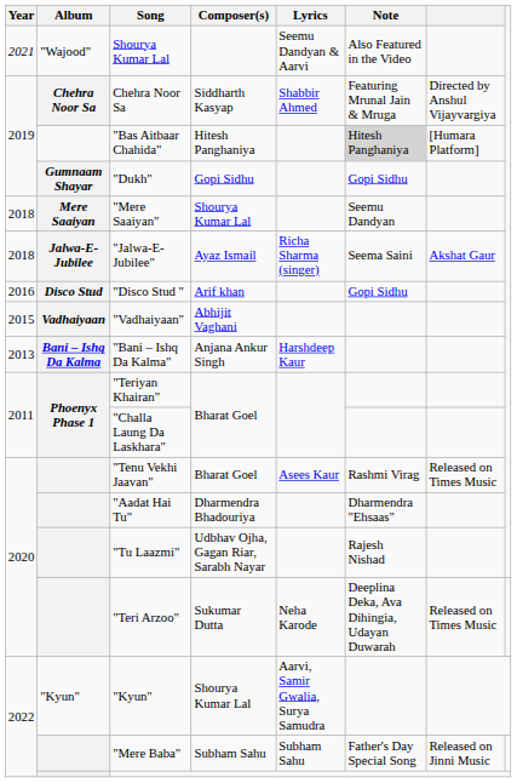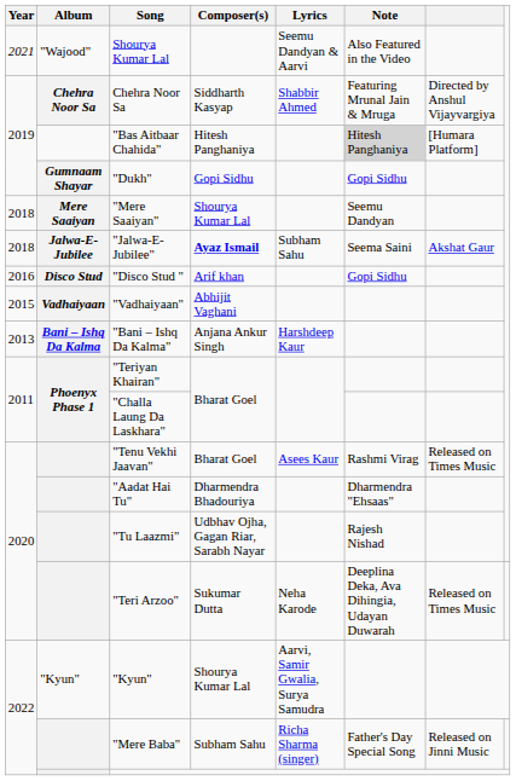 <table class="wikitable plainrowheaders" width="100%">
 <tr>
 <th scope="col">Year</th>
 <th scope="col">Album</th>
 <th scope="col">Song</th>
 <th scope="col">Composer(s)</th>
 <th scope="col">Lyrics</th>
 <th scope="col">Note</th>
 <th scope="row"></th>
 </tr>
 <tr>
 <td><em>2021</em></td>
 <td>"Wajood"</td>
 <td><a href='#'>Shourya Kumar Lal</a></td>
 <td></td>
 <td>Seemu Dandyan & Aarvi</td>
 <td>Also Featured in the Video</td>
 <td></td>
 </tr>
 <tr>
 <td rowspan="3">2019</td>
 <th><em>Chehra Noor Sa</em></th>
 <td>Chehra Noor Sa</td>
 <td>Siddharth Kasyap</td>
 <td><a href='#'>Shabbir Ahmed</a></td>
 <td>Featuring Mrunal Jain & Mruga</td>
 <td>Directed by Anshul Vijayvargiya</td>
 </tr>
 <tr>
 <td></td>
 <td>"Bas Aitbaar Chahida"</td>
 <td>Hitesh Panghaniya</td>
 <td></td>
 <td style="background: lightgrey;">Hitesh Panghaniya</td>
 <td>[Humara Platform]</td>
 </tr>
 <tr>
 <th scope="row"><em>Gumnaam Shayar</em></th>
 <td>"Dukh"</td>
 <td><a href='#'>Gopi Sidhu</a></td>
 <td></td>
 <td><a href='#'>Gopi Sidhu</a></td>
 <td></td>
 </tr>
 <tr>
 <td>2018</td>
 <th scope="row"><em>Mere Saaiyan</em></th>
 <td>"Mere Saaiyan"</td>
 <td><a href='#'>Shourya Kumar Lal</a></td>
 <td></td>
 <td>Seemu Dandyan</td>
 <td></td>
 </tr>
 <tr>
 <td>2018</td>
 <th scope="row"><em>Jalwa-E-Jubilee</em></th>
 <td>"Jalwa-E-Jubilee"</td>
-<td><a href='#'>Ayaz Ismail</a></td>
-<td><a href='#'>Richa Sharma (singer)</a></td>
+<td><strong><a href='#'>Ayaz Ismail</a></strong></td>
+<td>Subham Sahu</td>
 <td>Seema Saini</td>
 <td><a href='#'>Akshat Gaur</a></td>
 </tr>
 <tr>
 <td>2016</td>
 <th scope="row"><em>Disco Stud</em></th>
 <td>"Disco Stud "</td>
 <td><a href='#'>Arif khan</a></td>
 <td></td>
 <td><a href='#'>Gopi Sidhu</a></td>
 <td></td>
 </tr>
 <tr>
 <td>2015</td>
 <th scope="row"><em>Vadhaiyaan</em></th>
 <td>"Vadhaiyaan"</td>
 <td><a href='#'>Abhijit Vaghani</a></td>
 <td></td>
 <td></td>
 <td></td>
 </tr>
 <tr>
 <td>2013</td>
 <th scope="row"><em><a href='#'>Bani – Ishq Da Kalma</a></em></th>
 <td>"Bani – Ishq Da Kalma"</td>
 <td>Anjana Ankur Singh</td>
 <td><a href='#'>Harshdeep Kaur</a></td>
 <td></td>
 <td></td>
 </tr>
 <tr>
 <td rowspan="2">2011</td>
 <th rowspan="2" scope="row"><em>Phoenyx Phase 1</em></th>
 <td>"Teriyan Khairan"</td>
 <td rowspan="2">Bharat Goel</td>
 <td rowspan="2"></td>
 <td></td>
 <td></td>
 </tr>
 <tr>
 <td>"Challa Laung Da Laskhara"</td>
 <td></td>
 <td></td>
 </tr>
 <tr>
 <td rowspan="4">2020</td>
 <th></th>
 <td>"Tenu Vekhi Jaavan"</td>
 <td>Bharat Goel</td>
 <td><a href='#'>Asees Kaur</a></td>
 <td>Rashmi Virag</td>
 <td>Released on Times Music</td>
 </tr>
 <tr>
 <th></th>
 <td>"Aadat Hai Tu"</td>
 <td>Dharmendra Bhadouriya</td>
 <td></td>
 <td>Dharmendra "Ehsaas"</td>
 <td></td>
 </tr>
 <tr>
 <th></th>
 <td>"Tu Laazmi"</td>
 <td>Udbhav Ojha, Gagan Riar, Sarabh Nayar</td>
 <td></td>
 <td>Rajesh Nishad</td>
 <td></td>
 </tr>
 <tr>
 <th></th>
 <td>"Teri Arzoo"</td>
 <td>Sukumar Dutta</td>
 <td>Neha Karode</td>
 <td>Deeplina Deka, Ava Dihingia, Udayan Duwarah</td>
 <td>Released on Times Music</td>
 <td></td>
 </tr>
 <tr>
 <td rowspan="6">2022</td>
 <td>"Kyun"</td>
 <td>"Kyun"</td>
 <td>Shourya Kumar Lal</td>
 <td>Aarvi, <a href='#'>Samir Gwalia</a>, Surya Samudra</td>
 <td></td>
 </tr>
 <tr>
 <th></th>
 <td>"Mere Baba"</td>
 <td>Subham Sahu</td>
-<td>Subham Sahu</td>
+<td><a href='#'>Richa Sharma (singer)</a></td>
 <td>Father's Day Special Song</td>
 <td>Released on Jinni Music</td>
 <td><br> </td>
 </tr>
 <tr>
 <th></th>
 </tr>
 </table>
